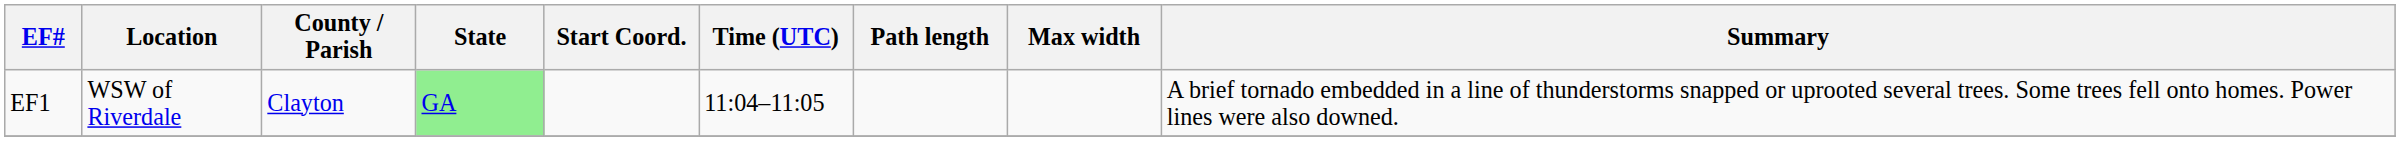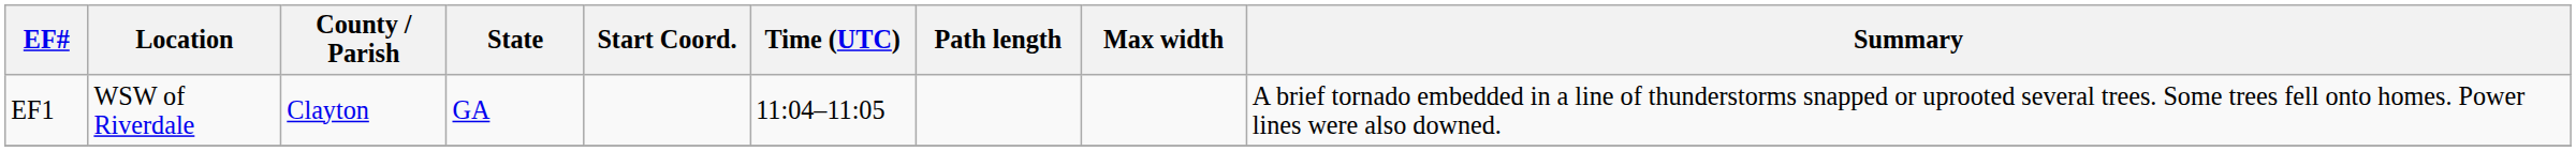 <table class="wikitable sortable" style="width:100%;">
 <tr>
 <th scope="col"  style="width:3%; text-align:center;"><a href='#'>EF#</a></th>
 <th scope="col"  style="width:7%; text-align:center;" class="unsortable">Location</th>
 <th scope="col"  style="width:6%; text-align:center;" class="unsortable">County / Parish</th>
 <th scope="col"  style="width:5%; text-align:center;">State</th>
 <th scope="col"  style="width:6%; text-align:center;">Start Coord.</th>
 <th scope="col"  style="width:6%; text-align:center;">Time (<a href='#'>UTC</a>)</th>
 <th scope="col"  style="width:6%; text-align:center;">Path length</th>
 <th scope="col"  style="width:6%; text-align:center;">Max width</th>
 <th scope="col" class="unsortable" style="width:48%; text-align:center;">Summary</th>
 </tr>
 <tr>
 <td>EF1</td>
 <td>WSW of <a href='#'>Riverdale</a></td>
 <td><a href='#'>Clayton</a></td>
-<td style="background: lightgreen;"><a href='#'>GA</a></td>
+<td><a href='#'>GA</a></td>
 <td></td>
 <td>11:04–11:05</td>
 <td></td>
 <td></td>
 <td>A brief tornado embedded in a line of thunderstorms snapped or uprooted several trees. Some trees fell onto homes. Power lines were also downed.</td>
 </tr>
 <tr>
 </tr>
 </table>
